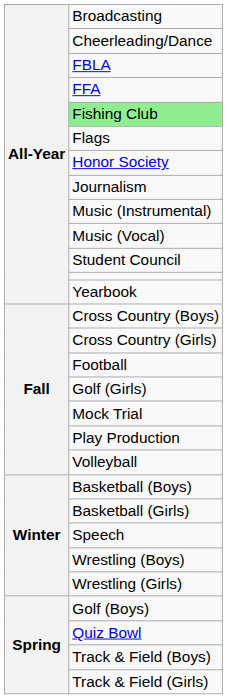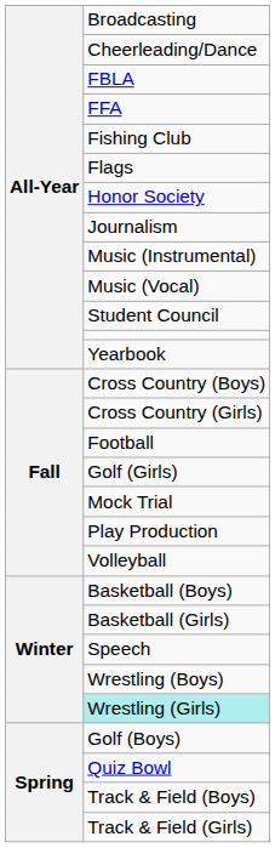 <table class="wikitable">
 <tr>
 <th rowspan="13">All-Year</th>
 <td>Broadcasting</td>
 </tr>
 <tr>
 <td>Cheerleading/Dance</td>
 </tr>
 <tr>
 <td><a href='#'>FBLA</a></td>
 </tr>
 <tr>
 <td><a href='#'>FFA</a></td>
 </tr>
 <tr>
-<td style="background: lightgreen;">Fishing Club</td>
+<td>Fishing Club</td>
 </tr>
 <tr>
 <td>Flags</td>
 </tr>
 <tr>
 <td><a href='#'>Honor Society</a></td>
 </tr>
 <tr>
 <td>Journalism</td>
 </tr>
 <tr>
 <td>Music (Instrumental)</td>
 </tr>
 <tr>
 <td>Music (Vocal)</td>
 </tr>
 <tr>
 <td>Student Council</td>
 </tr>
 <tr>
 <td></td>
 </tr>
 <tr>
 <td>Yearbook</td>
 </tr>
 <tr>
 <th rowspan="7">Fall</th>
 <td>Cross Country (Boys)</td>
 </tr>
 <tr>
 <td>Cross Country (Girls)</td>
 </tr>
 <tr>
 <td>Football</td>
 </tr>
 <tr>
 <td>Golf (Girls)</td>
 </tr>
 <tr>
 <td>Mock Trial</td>
 </tr>
 <tr>
 <td>Play Production</td>
 </tr>
 <tr>
 <td>Volleyball</td>
 </tr>
 <tr>
 <th rowspan="5">Winter</th>
 <td>Basketball (Boys)</td>
 </tr>
 <tr>
 <td>Basketball (Girls)</td>
 </tr>
 <tr>
 <td>Speech</td>
 </tr>
 <tr>
 <td>Wrestling (Boys)</td>
 </tr>
 <tr>
-<td>Wrestling (Girls)</td>
+<td style="background: paleturquoise;">Wrestling (Girls)</td>
 </tr>
 <tr>
 <th rowspan="4">Spring</th>
 <td>Golf (Boys)</td>
 </tr>
 <tr>
 <td><a href='#'>Quiz Bowl</a></td>
 </tr>
 <tr>
 <td>Track & Field (Boys)</td>
 </tr>
 <tr>
 <td>Track & Field (Girls)</td>
 </tr>
 </table>
